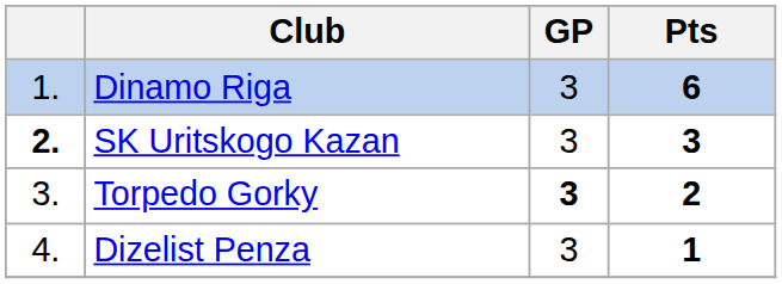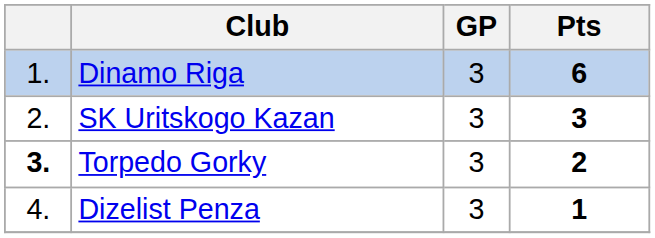 <table class="wikitable">
 <tr>
 <th width="30"></th>
 <th width="200">Club</th>
 <th width="30">GP</th>
 <th width="70">Pts</th>
 </tr>
 <tr bgcolor="#BCD2EE" align="center">
 <td>1.</td>
 <td align="left"><a href='#'>Dinamo Riga</a></td>
 <td>3</td>
 <td><strong>6</strong></td>
 </tr>
 <tr bgcolor="#FFFFFF" align="center">
-<td><strong>2.</strong></td>
+<td>2.</td>
 <td align="left"><a href='#'>SK Uritskogo Kazan</a></td>
 <td>3</td>
 <td><strong>3</strong></td>
 </tr>
 <tr bgcolor="#FFFFFF" align="center">
-<td>3.</td>
+<td><strong>3.</strong></td>
 <td align="left"><a href='#'>Torpedo Gorky</a></td>
-<td><strong>3</strong></td>
+<td>3</td>
 <td><strong>2</strong></td>
 </tr>
 <tr bgcolor="#FFFFFF" align="center">
 <td>4.</td>
 <td align="left"><a href='#'>Dizelist Penza</a></td>
 <td>3</td>
 <td><strong>1</strong></td>
 </tr>
 <tr bgcolor="#FFFFFF" align="center">
 </tr>
 </table>
